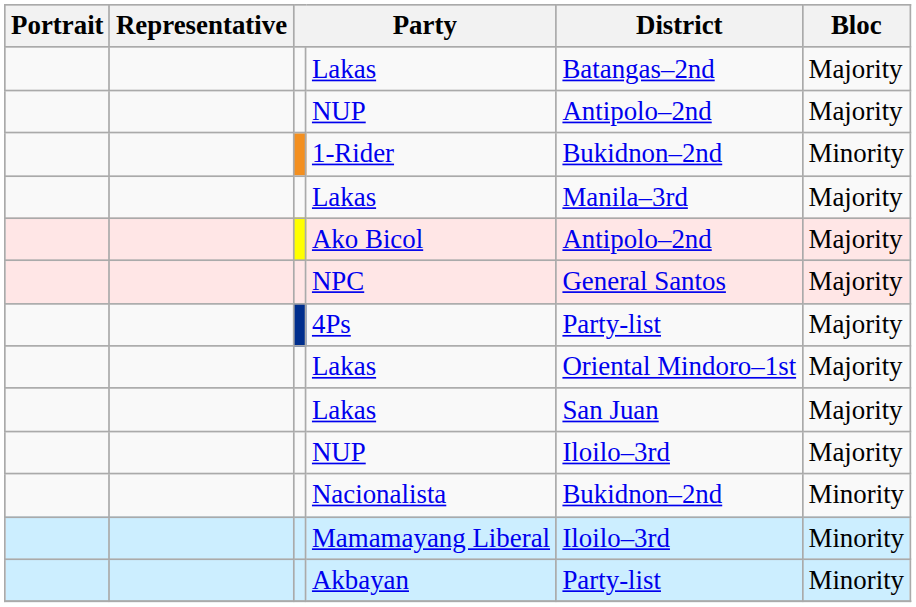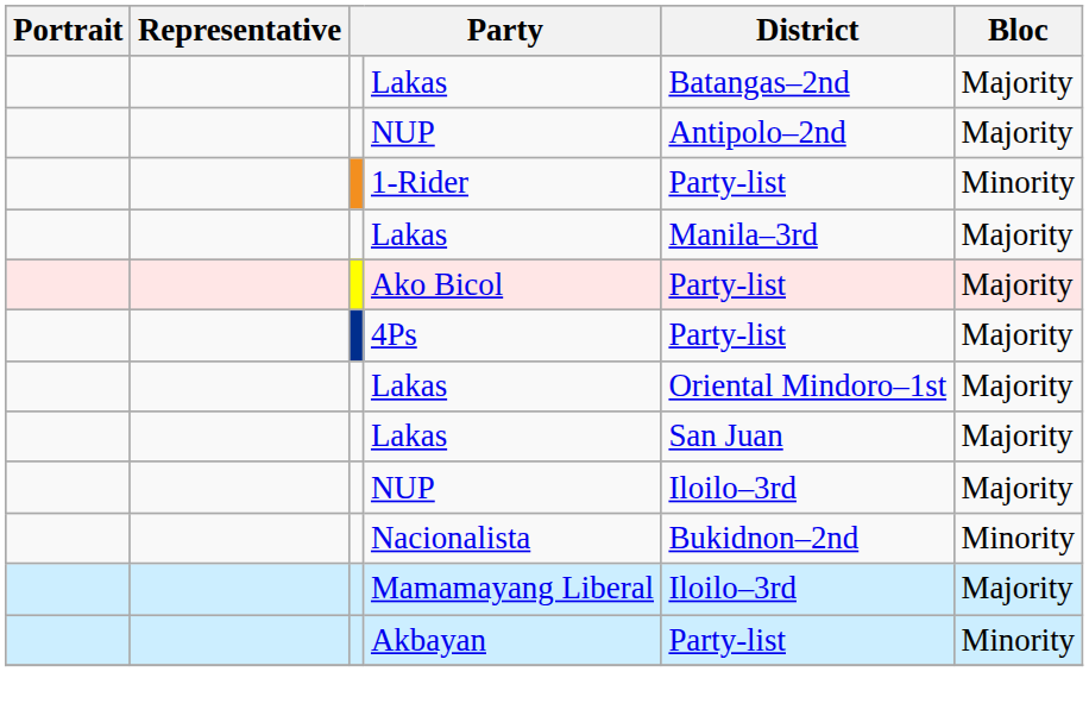 <table class="wikitable sortable">
 <tr>
 <th>Portrait</th>
 <th>Representative</th>
 <th colspan="2">Party</th>
 <th>District</th>
 <th>Bloc</th>
 </tr>
 <tr>
 <td></td>
 <td><strong></strong></td>
 <td></td>
 <td><a href='#'>Lakas</a></td>
 <td><a href='#'>Batangas–2nd</a></td>
 <td>Majority</td>
 </tr>
 <tr>
 <td></td>
 <td><strong></strong></td>
 <td></td>
 <td><a href='#'>NUP</a></td>
 <td><a href='#'>Antipolo–2nd</a></td>
 <td>Majority</td>
 </tr>
 <tr>
 <td></td>
 <td><strong></strong></td>
 <td bgcolor="#F38F1F"></td>
 <td><a href='#'>1-Rider</a></td>
-<td><a href='#'>Bukidnon–2nd</a></td>
+<td><a href='#'>Party-list</a></td>
 <td>Minority</td>
 </tr>
 <tr>
 <td></td>
 <td><strong></strong></td>
 <td></td>
 <td><a href='#'>Lakas</a></td>
 <td><a href='#'>Manila–3rd</a></td>
 <td>Majority</td>
 </tr>
 <tr style="background:#FFE6E6;">
 <td></td>
 <td><strong></strong></td>
 <td bgcolor="#ffff00"></td>
 <td><a href='#'>Ako Bicol</a></td>
-<td><a href='#'>Antipolo–2nd</a></td>
-<td>Majority</td>
-</tr>
-<tr style="background:#FFE6E6;">
-<td></td>
-<td><strong></strong></td>
-<td></td>
-<td><a href='#'>NPC</a></td>
-<td><a href='#'>General Santos</a></td>
+<td><a href='#'>Party-list</a></td>
 <td>Majority</td>
 </tr>
 <tr>
 <td></td>
 <td><strong></strong></td>
 <td bgcolor="#002E8D"></td>
 <td><a href='#'>4Ps</a></td>
 <td><a href='#'>Party-list</a></td>
 <td>Majority</td>
 </tr>
 <tr>
 <td></td>
 <td><strong></strong></td>
 <td></td>
 <td><a href='#'>Lakas</a></td>
 <td><a href='#'>Oriental Mindoro–1st</a></td>
 <td>Majority</td>
 </tr>
 <tr>
 <td></td>
 <td><strong></strong></td>
 <td></td>
 <td><a href='#'>Lakas</a></td>
 <td><a href='#'>San Juan</a></td>
 <td>Majority</td>
 </tr>
 <tr>
 <td></td>
 <td><strong></strong></td>
 <td></td>
 <td><a href='#'>NUP</a></td>
 <td><a href='#'>Iloilo–3rd</a></td>
 <td>Majority</td>
 </tr>
 <tr>
 <td></td>
 <td><strong></strong></td>
 <td></td>
 <td><a href='#'>Nacionalista</a></td>
 <td><a href='#'>Bukidnon–2nd</a></td>
 <td>Minority</td>
 </tr>
 <tr style="background:#CEF;">
 <td></td>
 <td><strong></strong></td>
 <td></td>
 <td><a href='#'>Mamamayang Liberal</a></td>
 <td><a href='#'>Iloilo–3rd</a></td>
-<td>Minority</td>
+<td>Majority</td>
 </tr>
 <tr style="background:#CEF;">
 <td></td>
 <td><strong></strong></td>
 <td></td>
 <td><a href='#'>Akbayan</a></td>
 <td><a href='#'>Party-list</a></td>
 <td>Minority</td>
 </tr>
 <tr>
 </tr>
 </table>
